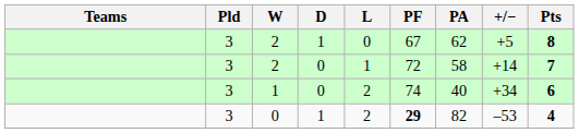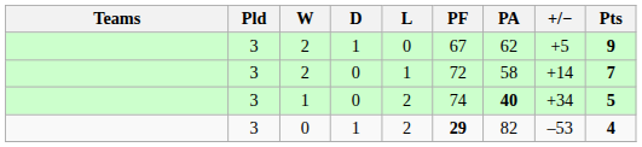 <table class="wikitable" style="text-align: center;">
 <tr>
 <th width="200">Teams</th>
 <th width="40">Pld</th>
 <th width="40">W</th>
 <th width="40">D</th>
 <th width="40">L</th>
 <th width="40">PF</th>
 <th width="40">PA</th>
 <th width="40">+/−</th>
 <th width="40">Pts</th>
 </tr>
 <tr style="background:#cfc; width:20px;">
 <td align=left></td>
 <td>3</td>
 <td>2</td>
 <td>1</td>
 <td>0</td>
 <td>67</td>
 <td>62</td>
 <td>+5</td>
-<td><strong>8</strong></td>
+<td><strong>9</strong></td>
 </tr>
 <tr style="background:#cfc; width:20px;">
 <td align=left></td>
 <td>3</td>
 <td>2</td>
 <td>0</td>
 <td>1</td>
 <td>72</td>
 <td>58</td>
 <td>+14</td>
 <td><strong>7</strong></td>
 </tr>
 <tr style="background:#cfc; width:20px;">
 <td align=left></td>
 <td>3</td>
 <td>1</td>
 <td>0</td>
 <td>2</td>
 <td>74</td>
-<td>40</td>
+<td><strong>40</strong></td>
 <td>+34</td>
-<td><strong>6</strong></td>
+<td><strong>5</strong></td>
 </tr>
 <tr>
 <td align=left></td>
 <td>3</td>
 <td>0</td>
 <td>1</td>
 <td>2</td>
 <td><strong>29</strong></td>
 <td>82</td>
 <td>–53</td>
 <td><strong>4</strong></td>
 </tr>
 <tr>
 </tr>
 </table>
